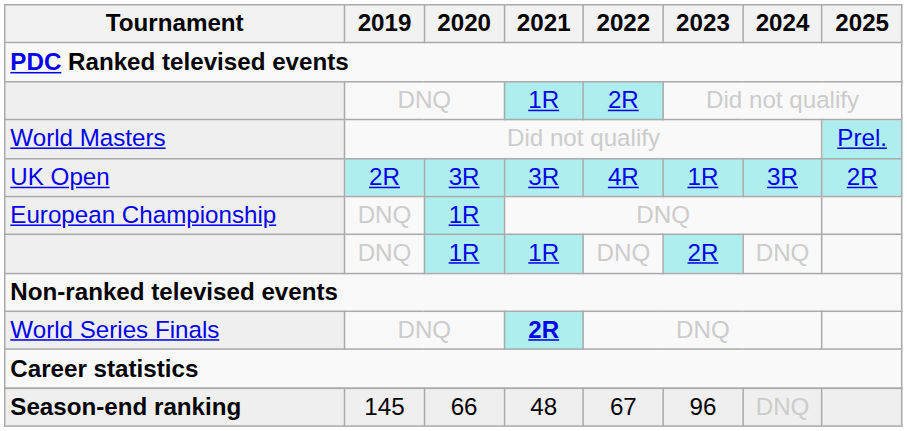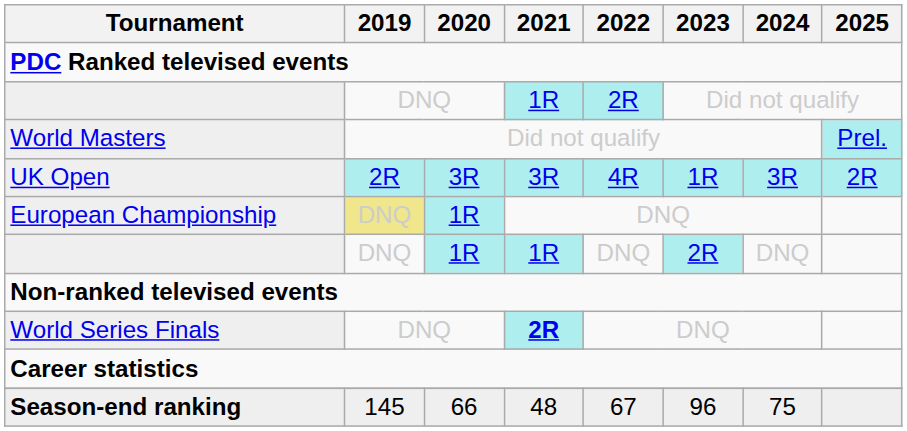 <table class="wikitable" style="width:30%; margin:0">
 <tr>
 <th>Tournament</th>
 <th>2019</th>
 <th>2020</th>
 <th>2021</th>
 <th>2022</th>
 <th>2023</th>
 <th>2024</th>
 <th>2025</th>
 </tr>
 <tr>
 <td colspan="31" align="left"><strong><a href='#'>PDC</a> Ranked televised events</strong></td>
 </tr>
 <tr>
 <td style="background:#efefef;"></td>
 <td colspan="2" style="text-align:center; color:#ccc;">DNQ</td>
 <td style="text-align:center; background:#afeeee;"><a href='#'>1R</a></td>
 <td style="text-align:center; background:#afeeee;"><a href='#'>2R</a></td>
 <td colspan=3 style="text-align:center; color:#ccc;">Did not qualify</td>
 </tr>
 <tr>
 <td style="background:#efefef;"><a href='#'>World Masters</a></td>
 <td colspan="6" style="text-align:center; color:#ccc;">Did not qualify</td>
 <td style="text-align:center; background:#afeeee;"><a href='#'>Prel.</a></td>
 </tr>
 <tr>
 <td style="background:#efefef;"><a href='#'>UK Open</a></td>
 <td style="text-align:center; background:#afeeee;"><a href='#'>2R</a></td>
 <td style="text-align:center; background:#afeeee;"><a href='#'>3R</a></td>
 <td style="text-align:center; background:#afeeee;"><a href='#'>3R</a></td>
 <td style="text-align:center; background:#afeeee;"><a href='#'>4R</a></td>
 <td style="text-align:center; background:#afeeee;"><a href='#'>1R</a></td>
 <td style="text-align:center; background:#afeeee;"><a href='#'>3R</a></td>
 <td style="text-align:center; background:#afeeee;"><a href='#'>2R</a></td>
 </tr>
 <tr>
 <td style="background:#efefef;"><a href='#'>European Championship</a></td>
-<td style="text-align:center; color:#ccc;">DNQ</td>
+<td style="background: khaki; text-align:center; color:#ccc;">DNQ</td>
 <td style="text-align:center; background:#afeeee;"><a href='#'>1R</a></td>
 <td colspan="4" style="text-align:center; color:#ccc;">DNQ</td>
 <td></td>
 </tr>
 <tr>
 <td style="background:#efefef;"></td>
 <td style="text-align:center; color:#ccc;">DNQ</td>
 <td style="text-align:center; background:#afeeee;"><a href='#'>1R</a></td>
 <td style="text-align:center; background:#afeeee;"><a href='#'>1R</a></td>
 <td style="text-align:center; color:#ccc;">DNQ</td>
 <td style="text-align:center; background:#afeeee;"><a href='#'>2R</a></td>
 <td style="text-align:center; color:#ccc;">DNQ</td>
 <td></td>
 </tr>
 <tr>
 <td colspan="9" align="left"><strong>Non-ranked televised events</strong></td>
 </tr>
 <tr>
 <td style="background:#efefef;"><a href='#'>World Series Finals</a></td>
 <td colspan="2" style="text-align:center; color:#ccc;">DNQ</td>
 <td style="text-align:center; background:#afeeee;"><strong><a href='#'>2R</a></strong></td>
 <td colspan="3" style="text-align:center; color:#ccc;">DNQ</td>
 <td></td>
 </tr>
 <tr>
 <td colspan="18" align="left"><strong>Career statistics</strong></td>
 </tr>
 <tr>
 </tr>
 <tr bgcolor="efefef">
 <td align="left"><strong>Season-end ranking</strong></td>
 <td style="text-align:center;">145</td>
 <td style="text-align:center;">66</td>
 <td style="text-align:center;">48</td>
 <td style="text-align:center;">67</td>
 <td style="text-align:center;">96</td>
-<td style="text-align:center; color:#ccc;">DNQ</td>
+<td style="text-align:center;">75</td>
 <td></td>
 </tr>
 </table>
